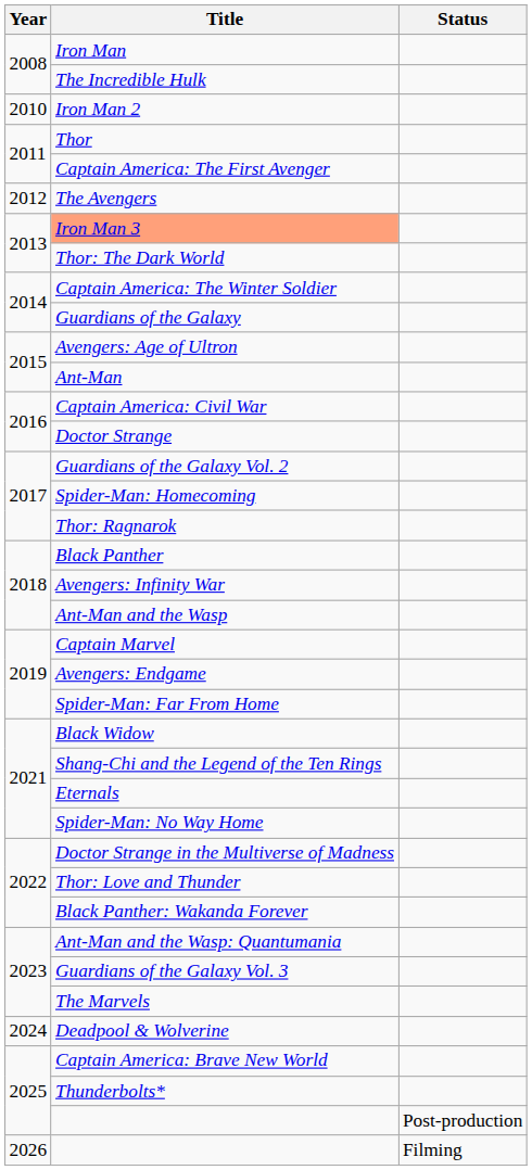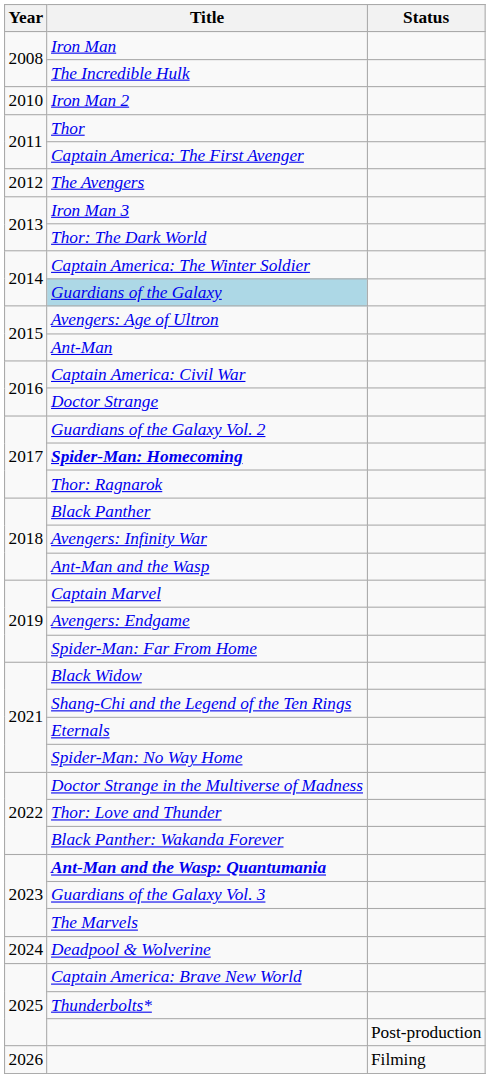 <table class="wikitable sortable">
 <tr>
 <th>Year</th>
 <th>Title</th>
 <th class="unsortable">Status</th>
 </tr>
 <tr>
 <td rowspan="2">2008</td>
 <td><em><a href='#'>Iron Man</a></em></td>
 <td></td>
 </tr>
 <tr>
 <td><em><a href='#'>The Incredible Hulk</a></em></td>
 <td></td>
 </tr>
 <tr>
 <td>2010</td>
 <td><em><a href='#'>Iron Man 2</a></em></td>
 <td></td>
 </tr>
 <tr>
 <td rowspan="2">2011</td>
 <td><em><a href='#'>Thor</a></em></td>
 <td></td>
 </tr>
 <tr>
 <td><em><a href='#'>Captain America: The First Avenger</a></em></td>
 <td></td>
 </tr>
 <tr>
 <td>2012</td>
 <td><em><a href='#'>The Avengers</a></em></td>
 <td></td>
 </tr>
 <tr>
 <td rowspan="2">2013</td>
-<td style="background: lightsalmon;"><em><a href='#'>Iron Man 3</a></em></td>
+<td><em><a href='#'>Iron Man 3</a></em></td>
 <td></td>
 </tr>
 <tr>
 <td><em><a href='#'>Thor: The Dark World</a></em></td>
 <td></td>
 </tr>
 <tr>
 <td rowspan="2">2014</td>
 <td><em><a href='#'>Captain America: The Winter Soldier</a></em></td>
 <td></td>
 </tr>
 <tr>
-<td><em><a href='#'>Guardians of the Galaxy</a></em></td>
+<td style="background: lightblue;"><em><a href='#'>Guardians of the Galaxy</a></em></td>
 <td></td>
 </tr>
 <tr>
 <td rowspan="2">2015</td>
 <td><em><a href='#'>Avengers: Age of Ultron</a></em></td>
 <td></td>
 </tr>
 <tr>
 <td><em><a href='#'>Ant-Man</a></em></td>
 <td></td>
 </tr>
 <tr>
 <td rowspan="2">2016</td>
 <td><em><a href='#'>Captain America: Civil War</a></em></td>
 <td></td>
 </tr>
 <tr>
 <td><em><a href='#'>Doctor Strange</a></em></td>
 <td></td>
 </tr>
 <tr>
 <td rowspan="3">2017</td>
 <td><em><a href='#'>Guardians of the Galaxy Vol. 2</a></em></td>
 <td></td>
 </tr>
 <tr>
-<td><em><a href='#'>Spider-Man: Homecoming</a></em></td>
+<td><strong><em><a href='#'>Spider-Man: Homecoming</a></em></strong></td>
 <td></td>
 </tr>
 <tr>
 <td><em><a href='#'>Thor: Ragnarok</a></em></td>
 <td></td>
 </tr>
 <tr>
 <td rowspan="3">2018</td>
 <td><em><a href='#'>Black Panther</a></em></td>
 <td></td>
 </tr>
 <tr>
 <td><em><a href='#'>Avengers: Infinity War</a></em></td>
 <td></td>
 </tr>
 <tr>
 <td><em><a href='#'>Ant-Man and the Wasp</a></em></td>
 <td></td>
 </tr>
 <tr>
 <td rowspan="3">2019</td>
 <td><em><a href='#'>Captain Marvel</a></em></td>
 <td></td>
 </tr>
 <tr>
 <td><em><a href='#'>Avengers: Endgame</a></em></td>
 <td></td>
 </tr>
 <tr>
 <td><em><a href='#'>Spider-Man: Far From Home</a></em></td>
 <td></td>
 </tr>
 <tr>
 <td rowspan="4">2021</td>
 <td><em><a href='#'>Black Widow</a></em></td>
 <td></td>
 </tr>
 <tr>
 <td><em><a href='#'>Shang-Chi and the Legend of the Ten Rings</a></em></td>
 <td></td>
 </tr>
 <tr>
 <td><em><a href='#'>Eternals</a></em></td>
 <td></td>
 </tr>
 <tr>
 <td><em><a href='#'>Spider-Man: No Way Home</a></em></td>
 <td></td>
 </tr>
 <tr>
 <td rowspan="3">2022</td>
 <td><em><a href='#'>Doctor Strange in the Multiverse of Madness</a></em></td>
 <td></td>
 </tr>
 <tr>
 <td><em><a href='#'>Thor: Love and Thunder</a></em></td>
 <td></td>
 </tr>
 <tr>
 <td><em><a href='#'>Black Panther: Wakanda Forever</a></em></td>
 <td></td>
 </tr>
 <tr>
 <td rowspan="3">2023</td>
-<td><em><a href='#'>Ant-Man and the Wasp: Quantumania</a></em></td>
+<td><strong><em><a href='#'>Ant-Man and the Wasp: Quantumania</a></em></strong></td>
 <td></td>
 </tr>
 <tr>
 <td><em><a href='#'>Guardians of the Galaxy Vol. 3</a></em></td>
 <td></td>
 </tr>
 <tr>
 <td><em><a href='#'>The Marvels</a></em></td>
 <td></td>
 </tr>
 <tr>
 <td>2024</td>
 <td><em><a href='#'>Deadpool & Wolverine</a></em></td>
 <td></td>
 </tr>
 <tr>
 <td rowspan="3">2025</td>
 <td><em><a href='#'>Captain America: Brave New World</a></em></td>
 <td></td>
 </tr>
 <tr>
 <td><em><a href='#'>Thunderbolts*</a></em></td>
 <td></td>
 </tr>
 <tr>
 <td></td>
 <td>Post-production</td>
 </tr>
 <tr>
 <td>2026</td>
 <td></td>
 <td>Filming</td>
 </tr>
 <tr>
 </tr>
 </table>
